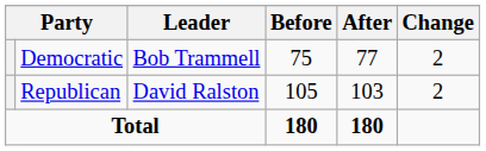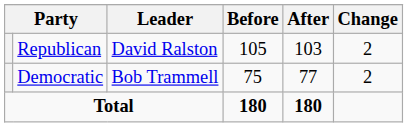 <table class="wikitable" style="text-align:center;">
 <tr>
 </tr>
 <tr>
 <th colspan=2>Party</th>
 <th>Leader</th>
 <th>Before</th>
 <th>After</th>
 <th>Change</th>
 </tr>
 <tr>
 <th style="background-color:"></th>
+<td style="text-align:left;"><a href='#'>Republican</a></td>
+<td style="text-align:left;"><a href='#'>David Ralston</a></td>
+<td>105</td>
+<td>103</td>
+<td> 2</td>
+</tr>
+<tr>
+<th style="background-color:"></th>
 <td style="text-align:left;"><a href='#'>Democratic</a></td>
 <td style="text-align:left;"><a href='#'>Bob Trammell</a></td>
 <td>75</td>
 <td>77</td>
-<td> 2</td>
-</tr>
-<tr>
-<th style="background-color:"></th>
-<td style="text-align:left;"><a href='#'>Republican</a></td>
-<td style="text-align:left;"><a href='#'>David Ralston</a></td>
-<td>105</td>
-<td>103</td>
 <td> 2</td>
 </tr>
 <tr>
 <td colspan=3><strong>Total</strong></td>
 <td><strong>180</strong></td>
 <td><strong>180</strong></td>
 <td></td>
 </tr>
 </table>
